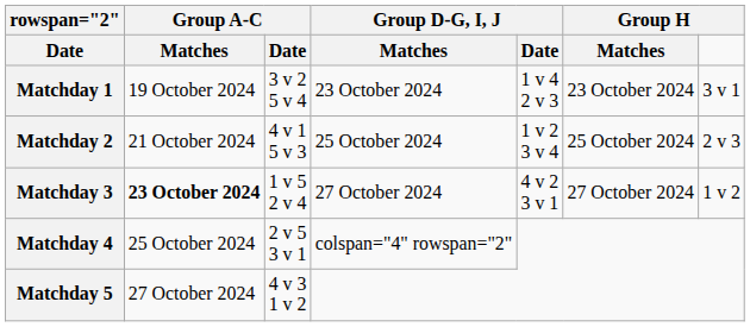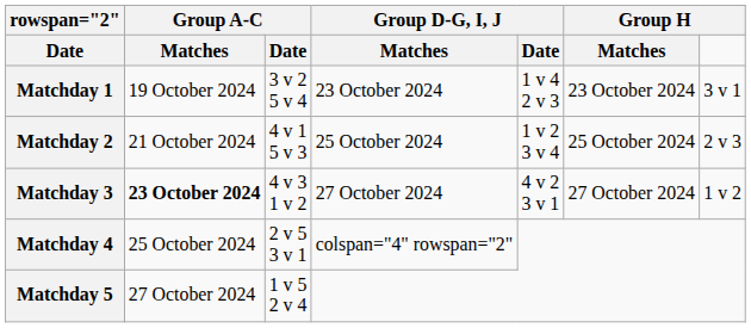 <table class="wikitable">
 <tr>
 <th>rowspan="2" </th>
 <th colspan="2">Group A-C</th>
 <th colspan="2">Group D-G, I, J</th>
 <th colspan="2">Group H</th>
 </tr>
 <tr>
 <th>Date</th>
 <th align="center">Matches</th>
 <th>Date</th>
 <th align="center">Matches</th>
 <th>Date</th>
 <th align="center">Matches</th>
 </tr>
 <tr>
 <th>Matchday 1</th>
 <td>19 October 2024</td>
 <td align="center">3 v 2<br>5 v 4</td>
 <td>23 October 2024</td>
 <td align="center">1 v 4<br>2 v 3</td>
 <td>23 October 2024</td>
 <td align="center">3 v 1</td>
 </tr>
 <tr>
 <th>Matchday 2</th>
 <td>21 October 2024</td>
 <td align="center">4 v 1<br>5 v 3</td>
 <td>25 October 2024</td>
 <td align="center">1 v 2<br>3 v 4</td>
 <td>25 October 2024</td>
 <td align="center">2 v 3</td>
 </tr>
 <tr>
 <th>Matchday 3</th>
 <td><strong>23 October 2024</strong></td>
-<td align="center">1 v 5<br>2 v 4</td>
+<td align="center">4 v 3<br>1 v 2</td>
 <td>27 October 2024</td>
 <td align="center">4 v 2<br>3 v 1</td>
 <td>27 October 2024</td>
 <td align="center">1 v 2</td>
 </tr>
 <tr>
 <th>Matchday 4</th>
 <td>25 October 2024</td>
 <td align="center">2 v 5<br>3 v 1</td>
 <td>colspan="4" rowspan="2"</td>
 </tr>
 <tr>
 <th>Matchday 5</th>
 <td>27 October 2024</td>
-<td align="center">4 v 3<br>1 v 2</td>
+<td align="center">1 v 5<br>2 v 4</td>
 </tr>
 </table>
